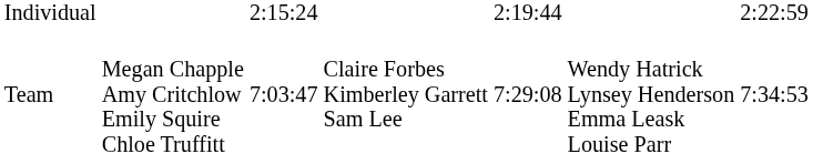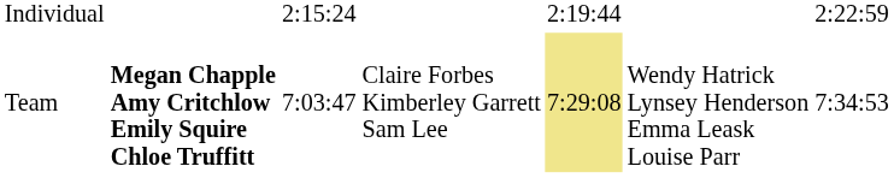 <table>
 <tr>
 <td>Individual</td>
 <td> </td>
 <td>2:15:24</td>
 <td></td>
 <td>2:19:44</td>
 <td></td>
 <td>2:22:59</td>
 </tr>
 <tr>
 <td>Team</td>
-<td valign=top> <br> Megan Chapple <br>Amy Critchlow <br> Emily Squire<br> Chloe Truffitt</td>
+<td valign=top><strong> <br> Megan Chapple <br>Amy Critchlow <br> Emily Squire<br> Chloe Truffitt</strong></td>
 <td>7:03:47</td>
 <td valign=top> <br> Claire Forbes <br> Kimberley Garrett<br> Sam Lee</td>
-<td>7:29:08</td>
+<td style="background: khaki;">7:29:08</td>
 <td valign=top> <br> Wendy Hatrick <br> Lynsey Henderson<br> Emma Leask<br> Louise Parr</td>
 <td>7:34:53</td>
 </tr>
 </table>
